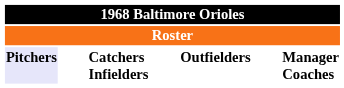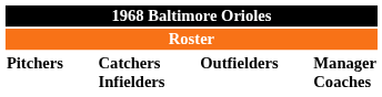 <table class="toccolours" style="font-size: 95%;">
 <tr>
 <th colspan="10" style="background-color: black; color: white; text-align: center;">1968 Baltimore Orioles</th>
 </tr>
 <tr>
 <td colspan="10" style="background-color: #F87217; color: white; text-align: center;"><strong>Roster</strong></td>
 </tr>
 <tr>
-<td valign="top" style="background: lavender;"><strong>Pitchers</strong><br>              </td>
+<td valign="top"><strong>Pitchers</strong><br>              </td>
 <td width="25px"></td>
 <td valign="top"><strong>Catchers</strong><br>   <strong>Infielders</strong>       </td>
 <td width="25px"></td>
 <td valign="top"><strong>Outfielders</strong><br>       </td>
 <td width="25px"></td>
 <td valign="top"><strong>Manager</strong><br>  <strong>Coaches</strong>      </td>
 </tr>
 <tr>
 </tr>
 </table>
